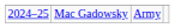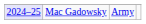 <table class="wikitable sortable">
 <tr>
 </tr>
 <tr align=center>
-<td><a href='#'>2024–25</a></td>
+<td style="background: lavender;"><a href='#'>2024–25</a></td>
 <td><a href='#'>Mac Gadowsky</a></td>
 <td><a href='#'>Army</a></td>
 <td></td>
 </tr>
 </table>
